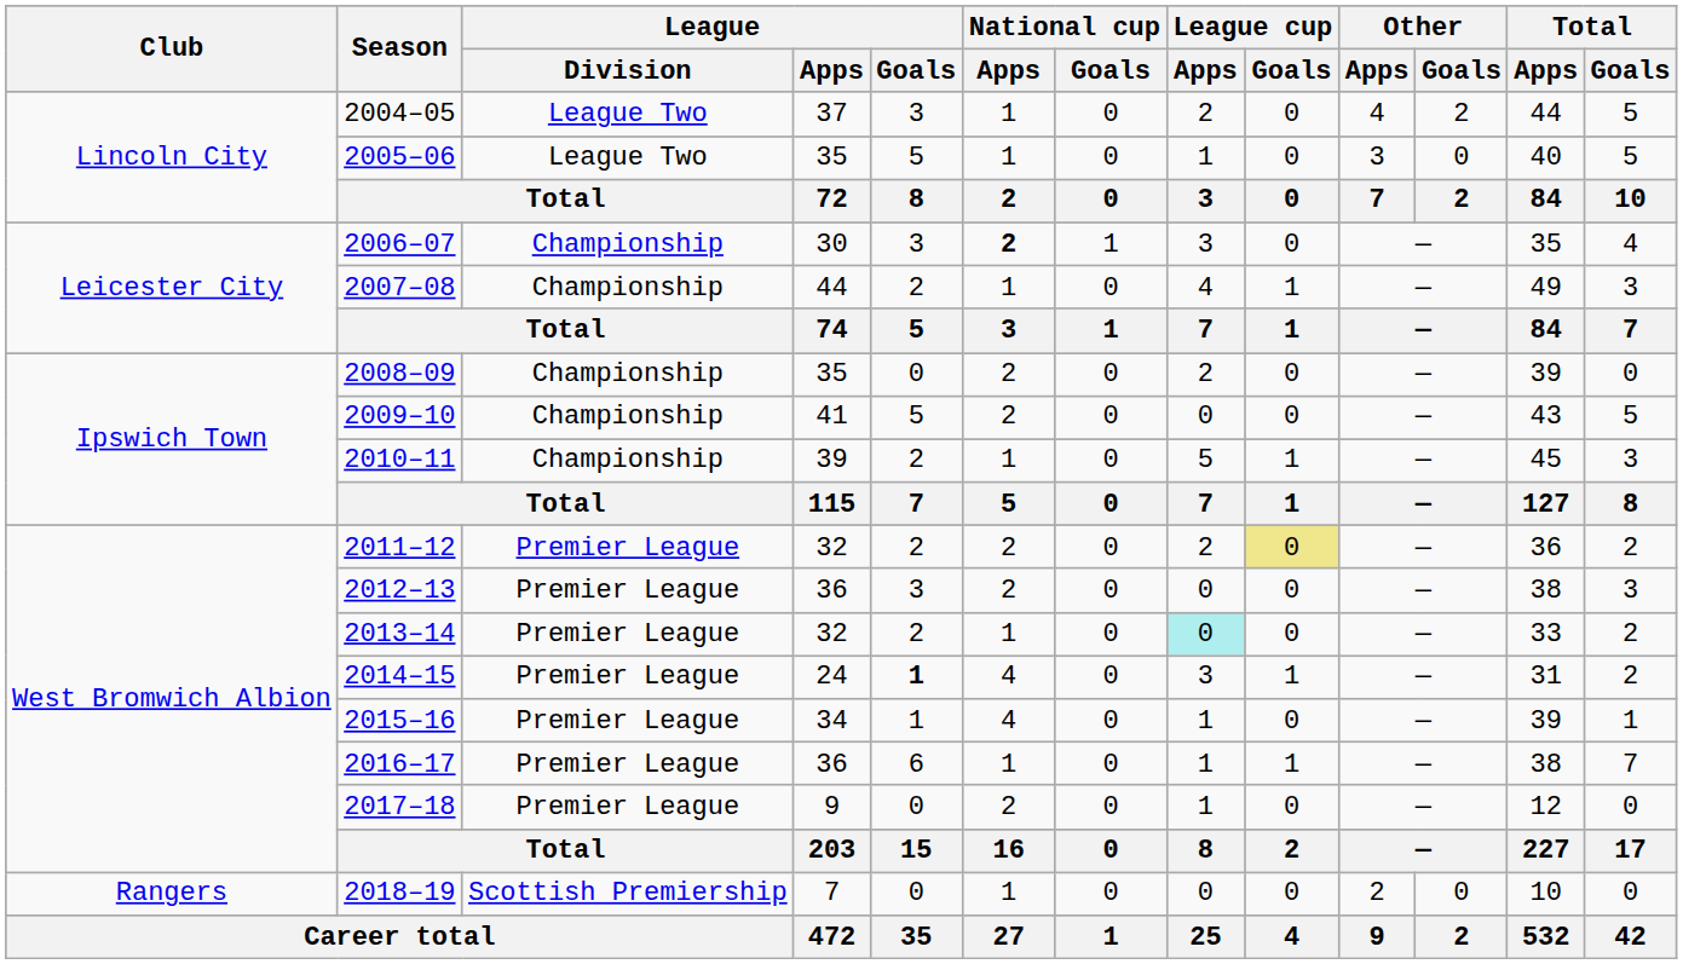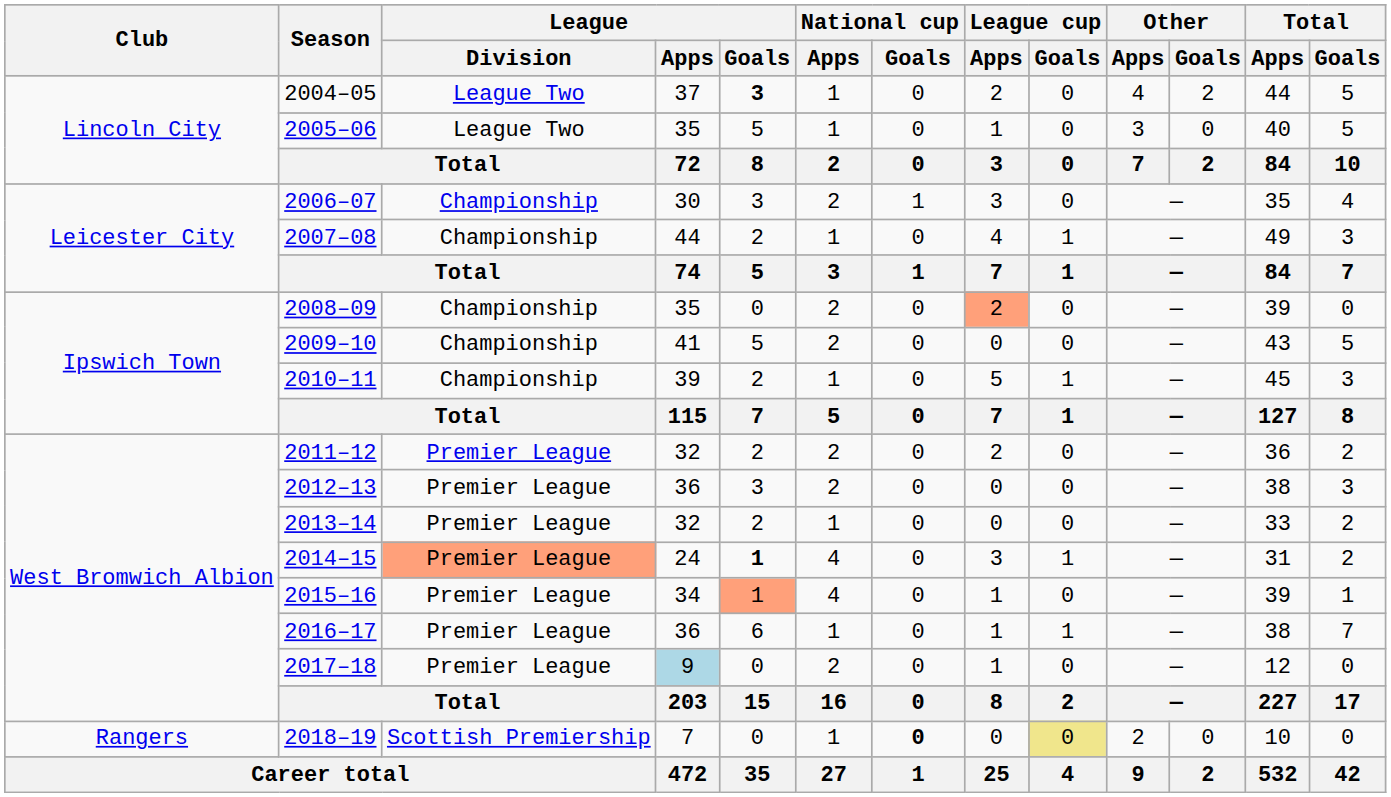 <table class="wikitable" style="text-align: center;">
 <tr>
 <th rowspan="2">Club</th>
 <th rowspan="2">Season</th>
 <th colspan="3">League</th>
 <th colspan="2">National cup</th>
 <th colspan="2">League cup</th>
 <th colspan="2">Other</th>
 <th colspan="2">Total</th>
 </tr>
 <tr>
 <th>Division</th>
 <th>Apps</th>
 <th>Goals</th>
 <th>Apps</th>
 <th>Goals</th>
 <th>Apps</th>
 <th>Goals</th>
 <th>Apps</th>
 <th>Goals</th>
 <th>Apps</th>
 <th>Goals</th>
 </tr>
 <tr>
 <td rowspan="3"><a href='#'>Lincoln City</a></td>
 <td>2004–05</td>
 <td><a href='#'>League Two</a></td>
 <td>37</td>
-<td>3</td>
+<td><strong>3</strong></td>
 <td>1</td>
 <td>0</td>
 <td>2</td>
 <td>0</td>
 <td>4</td>
 <td>2</td>
 <td>44</td>
 <td>5</td>
 </tr>
 <tr>
 <td><a href='#'>2005–06</a></td>
 <td>League Two</td>
 <td>35</td>
 <td>5</td>
 <td>1</td>
 <td>0</td>
 <td>1</td>
 <td>0</td>
 <td>3</td>
 <td>0</td>
 <td>40</td>
 <td>5</td>
 </tr>
 <tr>
 <th colspan="2">Total</th>
 <th>72</th>
 <th>8</th>
 <th>2</th>
 <th>0</th>
 <th>3</th>
 <th>0</th>
 <th>7</th>
 <th>2</th>
 <th>84</th>
 <th>10</th>
 </tr>
 <tr>
 <td rowspan="3"><a href='#'>Leicester City</a></td>
 <td><a href='#'>2006–07</a></td>
 <td><a href='#'>Championship</a></td>
 <td>30</td>
 <td>3</td>
-<td><strong>2</strong></td>
+<td>2</td>
 <td>1</td>
 <td>3</td>
 <td>0</td>
 <td colspan="2">—</td>
 <td>35</td>
 <td>4</td>
 </tr>
 <tr>
 <td><a href='#'>2007–08</a></td>
 <td>Championship</td>
 <td>44</td>
 <td>2</td>
 <td>1</td>
 <td>0</td>
 <td>4</td>
 <td>1</td>
 <td colspan="2">—</td>
 <td>49</td>
 <td>3</td>
 </tr>
 <tr>
 <th colspan="2">Total</th>
 <th>74</th>
 <th>5</th>
 <th>3</th>
 <th>1</th>
 <th>7</th>
 <th>1</th>
 <th colspan="2">—</th>
 <th>84</th>
 <th>7</th>
 </tr>
 <tr>
 <td rowspan="4"><a href='#'>Ipswich Town</a></td>
 <td><a href='#'>2008–09</a></td>
 <td>Championship</td>
 <td>35</td>
 <td>0</td>
 <td>2</td>
 <td>0</td>
-<td>2</td>
+<td style="background: lightsalmon;">2</td>
 <td>0</td>
 <td colspan="2">—</td>
 <td>39</td>
 <td>0</td>
 </tr>
 <tr>
 <td><a href='#'>2009–10</a></td>
 <td>Championship</td>
 <td>41</td>
 <td>5</td>
 <td>2</td>
 <td>0</td>
 <td>0</td>
 <td>0</td>
 <td colspan="2">—</td>
 <td>43</td>
 <td>5</td>
 </tr>
 <tr>
 <td><a href='#'>2010–11</a></td>
 <td>Championship</td>
 <td>39</td>
 <td>2</td>
 <td>1</td>
 <td>0</td>
 <td>5</td>
 <td>1</td>
 <td colspan="2">—</td>
 <td>45</td>
 <td>3</td>
 </tr>
 <tr>
 <th colspan="2">Total</th>
 <th>115</th>
 <th>7</th>
 <th>5</th>
 <th>0</th>
 <th>7</th>
 <th>1</th>
 <th colspan="2">—</th>
 <th>127</th>
 <th>8</th>
 </tr>
 <tr>
 <td rowspan="8"><a href='#'>West Bromwich Albion</a></td>
 <td><a href='#'>2011–12</a></td>
 <td><a href='#'>Premier League</a></td>
 <td>32</td>
 <td>2</td>
 <td>2</td>
 <td>0</td>
 <td>2</td>
-<td style="background: khaki;">0</td>
+<td>0</td>
 <td colspan="2">—</td>
 <td>36</td>
 <td>2</td>
 </tr>
 <tr>
 <td><a href='#'>2012–13</a></td>
 <td>Premier League</td>
 <td>36</td>
 <td>3</td>
 <td>2</td>
 <td>0</td>
 <td>0</td>
 <td>0</td>
 <td colspan="2">—</td>
 <td>38</td>
 <td>3</td>
 </tr>
 <tr>
 <td><a href='#'>2013–14</a></td>
 <td>Premier League</td>
 <td>32</td>
 <td>2</td>
 <td>1</td>
 <td>0</td>
-<td style="background: paleturquoise;">0</td>
+<td>0</td>
 <td>0</td>
 <td colspan="2">—</td>
 <td>33</td>
 <td>2</td>
 </tr>
 <tr>
 <td><a href='#'>2014–15</a></td>
-<td>Premier League</td>
+<td style="background: lightsalmon;">Premier League</td>
 <td>24</td>
 <td><strong>1</strong></td>
 <td>4</td>
 <td>0</td>
 <td>3</td>
 <td>1</td>
 <td colspan="2">—</td>
 <td>31</td>
 <td>2</td>
 </tr>
 <tr>
 <td><a href='#'>2015–16</a></td>
 <td>Premier League</td>
 <td>34</td>
-<td>1</td>
+<td style="background: lightsalmon;">1</td>
 <td>4</td>
 <td>0</td>
 <td>1</td>
 <td>0</td>
 <td colspan="2">—</td>
 <td>39</td>
 <td>1</td>
 </tr>
 <tr>
 <td><a href='#'>2016–17</a></td>
 <td>Premier League</td>
 <td>36</td>
 <td>6</td>
 <td>1</td>
 <td>0</td>
 <td>1</td>
 <td>1</td>
 <td colspan="2">—</td>
 <td>38</td>
 <td>7</td>
 </tr>
 <tr>
 <td><a href='#'>2017–18</a></td>
 <td>Premier League</td>
-<td>9</td>
+<td style="background: lightblue;">9</td>
 <td>0</td>
 <td>2</td>
 <td>0</td>
 <td>1</td>
 <td>0</td>
 <td colspan="2">—</td>
 <td>12</td>
 <td>0</td>
 </tr>
 <tr>
 <th colspan="2">Total</th>
 <th>203</th>
 <th>15</th>
 <th>16</th>
 <th>0</th>
 <th>8</th>
 <th>2</th>
 <th colspan="2">—</th>
 <th>227</th>
 <th>17</th>
 </tr>
 <tr>
 <td><a href='#'>Rangers</a></td>
 <td><a href='#'>2018–19</a></td>
 <td><a href='#'>Scottish Premiership</a></td>
 <td>7</td>
 <td>0</td>
 <td>1</td>
+<td><strong>0</strong></td>
 <td>0</td>
-<td>0</td>
-<td>0</td>
+<td style="background: khaki;">0</td>
 <td>2</td>
 <td>0</td>
 <td>10</td>
 <td>0</td>
 </tr>
 <tr>
 <th colspan="3">Career total</th>
 <th>472</th>
 <th>35</th>
 <th>27</th>
 <th>1</th>
 <th>25</th>
 <th>4</th>
 <th>9</th>
 <th>2</th>
 <th>532</th>
 <th>42</th>
 </tr>
 </table>
